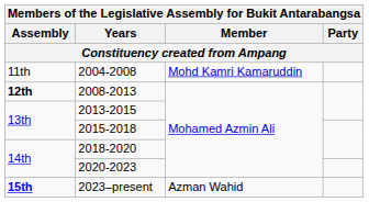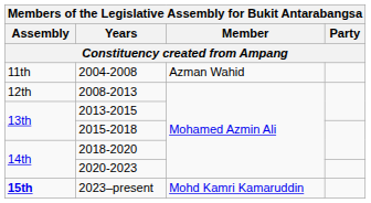 <table class=wikitable>
 <tr>
 <th colspan=4>Members of the Legislative Assembly for Bukit Antarabangsa</th>
 </tr>
 <tr>
 <th>Assembly</th>
 <th>Years</th>
 <th>Member</th>
 <th>Party</th>
 </tr>
 <tr>
 <th colspan=4 align=center><em>Constituency created from Ampang</em></th>
 </tr>
 <tr>
 <td>11th</td>
 <td>2004-2008</td>
-<td><a href='#'>Mohd Kamri Kamaruddin</a></td>
+<td>Azman Wahid</td>
 <td></td>
 </tr>
 <tr>
-<td><strong>12th</strong></td>
+<td>12th</td>
 <td>2008-2013</td>
 <td rowspan=5><a href='#'>Mohamed Azmin Ali</a></td>
 <td rowspan=2></td>
 </tr>
 <tr>
 <td rowspan=2><a href='#'>13th</a></td>
 <td>2013-2015</td>
 </tr>
 <tr>
 <td>2015-2018</td>
 <td rowspan=2></td>
 </tr>
 <tr>
 <td rowspan=2><a href='#'>14th</a></td>
 <td>2018-2020</td>
 </tr>
 <tr>
 <td>2020-2023</td>
 <td></td>
 </tr>
 <tr>
 <td><strong><a href='#'>15th</a></strong></td>
 <td>2023–present</td>
-<td>Azman Wahid</td>
+<td><a href='#'>Mohd Kamri Kamaruddin</a></td>
 <td></td>
 </tr>
 </table>
